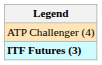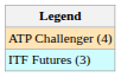 <table class=wikitable style=font-size:95%>
 <tr>
 <th>Legend</th>
 </tr>
 <tr bgcolor=moccasin>
 <td>ATP Challenger (4)</td>
 </tr>
 <tr bgcolor=cffcff>
-<td><strong>ITF Futures (3)</strong></td>
+<td>ITF Futures (3)</td>
 </tr>
 </table>
